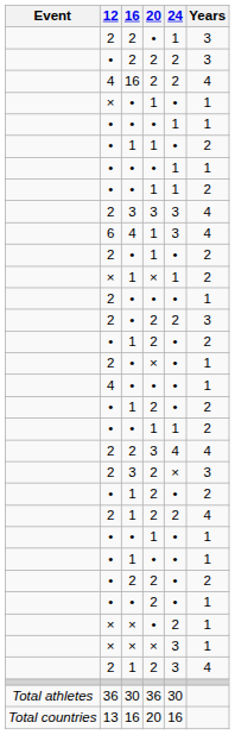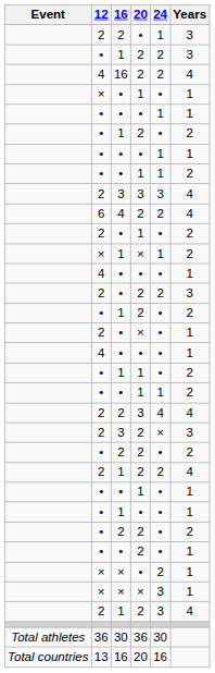 <table class="wikitable" style="text-align:center">
 <tr>
 <th>Event</th>
 <th><a href='#'>12</a></th>
 <th><a href='#'>16</a></th>
 <th><a href='#'>20</a></th>
 <th><a href='#'>24</a></th>
 <th>Years</th>
 </tr>
 <tr>
 <td align=left></td>
 <td>2</td>
 <td>2</td>
 <td>•</td>
 <td>1</td>
 <td>3</td>
 </tr>
 <tr>
 <td align=left></td>
 <td>•</td>
-<td>2</td>
+<td>1</td>
 <td>2</td>
 <td>2</td>
 <td>3</td>
 </tr>
 <tr>
 <td align=left></td>
 <td>4</td>
 <td>16</td>
 <td>2</td>
 <td>2</td>
 <td>4</td>
 </tr>
 <tr>
 <td align=left></td>
 <td>×</td>
 <td>•</td>
 <td>1</td>
 <td>•</td>
 <td>1</td>
 </tr>
 <tr>
 <td align=left></td>
 <td>•</td>
 <td>•</td>
 <td>•</td>
 <td>1</td>
 <td>1</td>
 </tr>
 <tr>
 <td align=left></td>
 <td>•</td>
 <td>1</td>
-<td>1</td>
+<td>2</td>
 <td>•</td>
 <td>2</td>
 </tr>
 <tr>
 <td align=left></td>
 <td>•</td>
 <td>•</td>
 <td>•</td>
 <td>1</td>
 <td>1</td>
 </tr>
 <tr>
 <td align=left></td>
 <td>•</td>
 <td>•</td>
 <td>1</td>
 <td>1</td>
 <td>2</td>
 </tr>
 <tr>
 <td align=left></td>
 <td>2</td>
 <td>3</td>
 <td>3</td>
 <td>3</td>
 <td>4</td>
 </tr>
 <tr>
 <td align=left></td>
 <td>6</td>
 <td>4</td>
-<td>1</td>
-<td>3</td>
+<td>2</td>
+<td>2</td>
 <td>4</td>
 </tr>
 <tr>
 <td align=left></td>
 <td>2</td>
 <td>•</td>
 <td>1</td>
 <td>•</td>
 <td>2</td>
 </tr>
 <tr>
 <td align=left></td>
 <td>×</td>
 <td>1</td>
 <td>×</td>
 <td>1</td>
 <td>2</td>
 </tr>
 <tr>
 <td align=left></td>
-<td>2</td>
+<td>4</td>
 <td>•</td>
 <td>•</td>
 <td>•</td>
 <td>1</td>
 </tr>
 <tr>
 <td align=left></td>
 <td>2</td>
 <td>•</td>
 <td>2</td>
 <td>2</td>
 <td>3</td>
 </tr>
 <tr>
 <td align=left></td>
 <td>•</td>
 <td>1</td>
 <td>2</td>
 <td>•</td>
 <td>2</td>
 </tr>
 <tr>
 <td align=left></td>
 <td>2</td>
 <td>•</td>
 <td>×</td>
 <td>•</td>
 <td>1</td>
 </tr>
 <tr>
 <td align=left></td>
 <td>4</td>
 <td>•</td>
 <td>•</td>
 <td>•</td>
 <td>1</td>
 </tr>
 <tr>
 <td align=left></td>
 <td>•</td>
 <td>1</td>
-<td>2</td>
+<td>1</td>
 <td>•</td>
 <td>2</td>
 </tr>
 <tr>
 <td align=left></td>
 <td>•</td>
 <td>•</td>
 <td>1</td>
 <td>1</td>
 <td>2</td>
 </tr>
 <tr>
 <td align=left></td>
 <td>2</td>
 <td>2</td>
 <td>3</td>
 <td>4</td>
 <td>4</td>
 </tr>
 <tr>
 <td align=left></td>
 <td>2</td>
 <td>3</td>
 <td>2</td>
 <td>×</td>
 <td>3</td>
 </tr>
 <tr>
 <td align=left></td>
 <td>•</td>
-<td>1</td>
+<td>2</td>
 <td>2</td>
 <td>•</td>
 <td>2</td>
 </tr>
 <tr>
 <td align=left></td>
 <td>2</td>
 <td>1</td>
 <td>2</td>
 <td>2</td>
 <td>4</td>
 </tr>
 <tr>
 <td align=left></td>
 <td>•</td>
 <td>•</td>
 <td>1</td>
 <td>•</td>
 <td>1</td>
 </tr>
 <tr>
 <td align=left></td>
 <td>•</td>
 <td>1</td>
 <td>•</td>
 <td>•</td>
 <td>1</td>
 </tr>
 <tr>
 <td align=left></td>
 <td>•</td>
 <td>2</td>
 <td>2</td>
 <td>•</td>
 <td>2</td>
 </tr>
 <tr>
 <td align=left></td>
 <td>•</td>
 <td>•</td>
 <td>2</td>
 <td>•</td>
 <td>1</td>
 </tr>
 <tr>
 <td align=left></td>
 <td>×</td>
 <td>×</td>
 <td>•</td>
 <td>2</td>
 <td>1</td>
 </tr>
 <tr>
 <td align=left></td>
 <td>×</td>
 <td>×</td>
 <td>×</td>
 <td>3</td>
 <td>1</td>
 </tr>
 <tr>
 <td align=left></td>
 <td>2</td>
 <td>1</td>
 <td>2</td>
 <td>3</td>
 <td>4</td>
 </tr>
 <tr bgcolor=lightgray>
 <td></td>
 <td></td>
 <td></td>
 <td></td>
 <td></td>
 <td></td>
 </tr>
 <tr align=center>
 <td><em>Total athletes</em></td>
 <td>36</td>
 <td>30</td>
 <td>36</td>
 <td>30</td>
 <td></td>
 </tr>
 <tr align=center>
 <td><em>Total countries</em></td>
 <td>13</td>
 <td>16</td>
 <td>20</td>
 <td>16</td>
 <td></td>
 </tr>
 </table>
